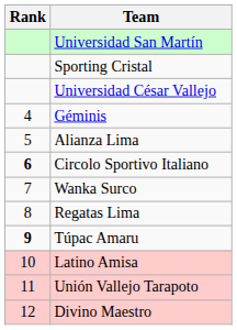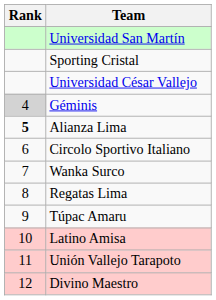 <table class="wikitable" style="text-align: center;">
 <tr>
 <th width=40>Rank</th>
 <th width=180>Team</th>
 </tr>
 <tr bgcolor=#ccffcc align=center>
 <td></td>
 <td style="text-align:left;"><a href='#'>Universidad San Martín</a></td>
 </tr>
 <tr align=center>
 <td></td>
 <td style="text-align:left;">Sporting Cristal</td>
 </tr>
 <tr align=center>
 <td></td>
 <td style="text-align:left;"><a href='#'>Universidad César Vallejo</a></td>
 </tr>
 <tr align=center>
-<td>4</td>
+<td style="background: lightgrey;">4</td>
 <td style="text-align:left;"><a href='#'>Géminis</a></td>
 </tr>
 <tr align=center>
-<td>5</td>
+<td><strong>5</strong></td>
 <td style="text-align:left;">Alianza Lima</td>
 </tr>
 <tr align=center>
-<td><strong>6</strong></td>
+<td>6</td>
 <td style="text-align:left;">Circolo Sportivo Italiano</td>
 </tr>
 <tr align=center>
 <td>7</td>
 <td style="text-align:left;">Wanka Surco</td>
 </tr>
 <tr align=center>
 <td>8</td>
 <td style="text-align:left;">Regatas Lima</td>
 </tr>
 <tr align=center>
-<td><strong>9</strong></td>
+<td>9</td>
 <td style="text-align:left;">Túpac Amaru</td>
 </tr>
 <tr bgcolor=#ffcccc align=center>
 <td>10</td>
 <td style="text-align:left;">Latino Amisa</td>
 </tr>
 <tr bgcolor=#ffcccc align=center>
 <td>11</td>
 <td style="text-align:left;">Unión Vallejo Tarapoto</td>
 </tr>
 <tr bgcolor=#ffcccc align=center>
 <td>12</td>
 <td style="text-align:left;">Divino Maestro</td>
 </tr>
 </table>
